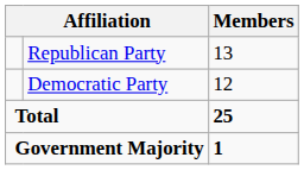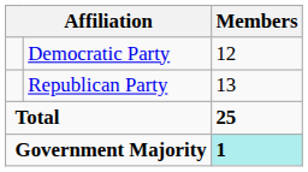 <table class="wikitable">
 <tr>
 <th colspan="2">Affiliation</th>
 <th>Members</th>
 </tr>
 <tr>
 <td style="background-color:"> </td>
-<td><a href='#'>Republican Party</a></td>
-<td>13</td>
+<td><a href='#'>Democratic Party</a></td>
+<td>12</td>
 </tr>
 <tr>
 <td style="background-color:"> </td>
-<td><a href='#'>Democratic Party</a></td>
-<td>12</td>
+<td><a href='#'>Republican Party</a></td>
+<td>13</td>
 </tr>
 <tr>
 <td colspan="2" rowspan="1"> <strong>Total</strong><br></td>
 <td><strong>25</strong></td>
 </tr>
 <tr>
 <td colspan="2" rowspan="1"> <strong>Government Majority</strong><br></td>
-<td><strong>1</strong></td>
+<td style="background: paleturquoise;"><strong>1</strong></td>
 </tr>
 </table>
